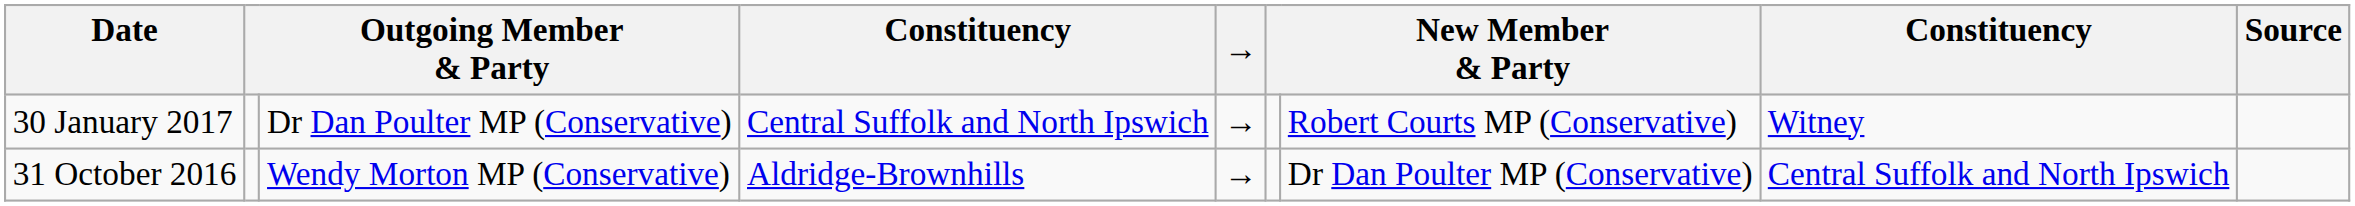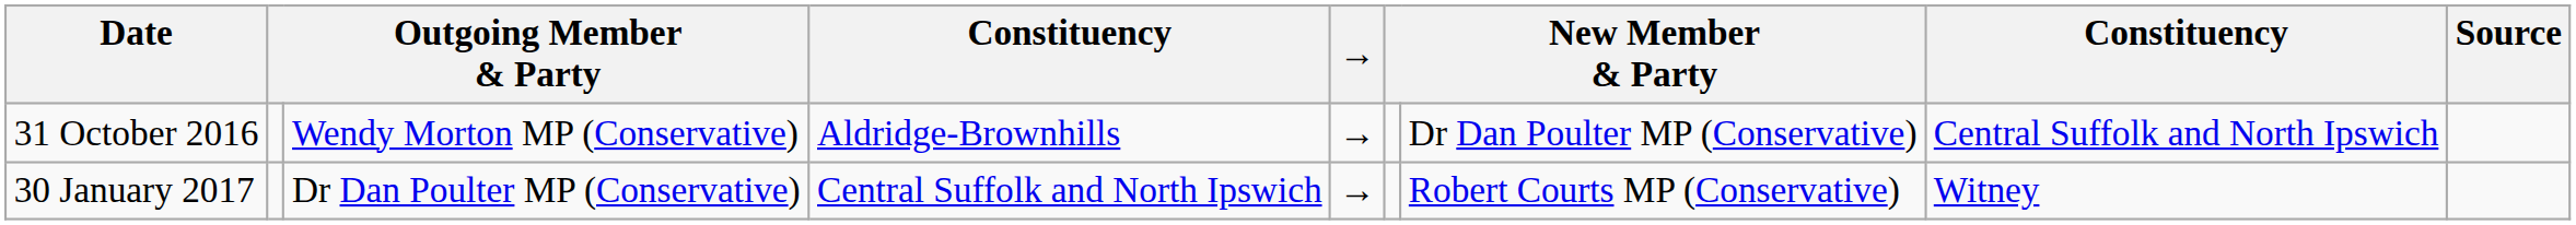 <table class="wikitable">
 <tr>
 <th valign="top">Date</th>
 <th colspan="2" valign="top">Outgoing Member<br>& Party</th>
 <th valign="top">Constituency</th>
 <th>→</th>
 <th colspan="2" valign="top">New Member<br>& Party</th>
 <th valign="top">Constituency</th>
 <th valign="top">Source</th>
+</tr>
+<tr>
+<td nowrap>31 October 2016</td>
+<td style="color:inherit;background:"></td>
+<td><a href='#'>Wendy Morton</a> MP (<a href='#'>Conservative</a>)</td>
+<td><a href='#'>Aldridge-Brownhills</a></td>
+<td>→</td>
+<td style="color:inherit;background:"></td>
+<td>Dr <a href='#'>Dan Poulter</a> MP (<a href='#'>Conservative</a>)</td>
+<td><a href='#'>Central Suffolk and North Ipswich</a></td>
+<td></td>
 </tr>
 <tr>
 <td nowrap>30 January 2017</td>
 <td style="color:inherit;background:"></td>
 <td>Dr <a href='#'>Dan Poulter</a> MP (<a href='#'>Conservative</a>)</td>
 <td><a href='#'>Central Suffolk and North Ipswich</a></td>
 <td>→</td>
 <td style="color:inherit;background:"></td>
 <td><a href='#'>Robert Courts</a> MP (<a href='#'>Conservative</a>)</td>
 <td><a href='#'>Witney</a></td>
 <td></td>
 </tr>
-<tr>
-<td nowrap>31 October 2016</td>
-<td style="color:inherit;background:"></td>
-<td><a href='#'>Wendy Morton</a> MP (<a href='#'>Conservative</a>)</td>
-<td><a href='#'>Aldridge-Brownhills</a></td>
-<td>→</td>
-<td style="color:inherit;background:"></td>
-<td>Dr <a href='#'>Dan Poulter</a> MP (<a href='#'>Conservative</a>)</td>
-<td><a href='#'>Central Suffolk and North Ipswich</a></td>
-<td></td>
-</tr>
 </table>
